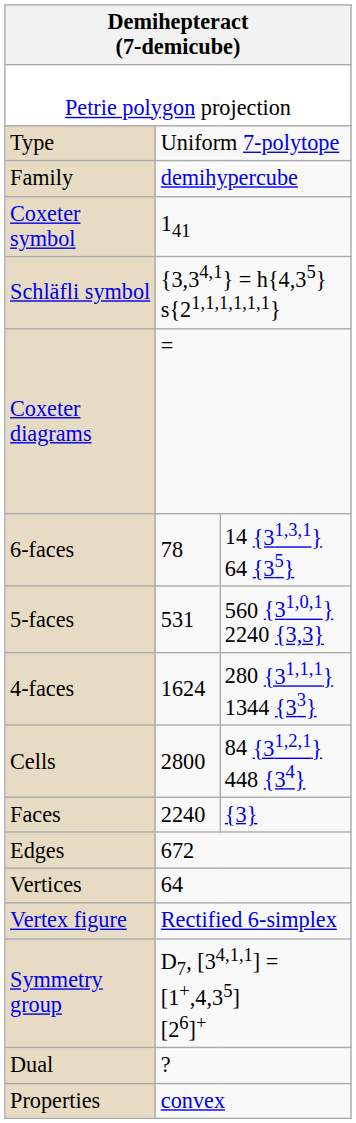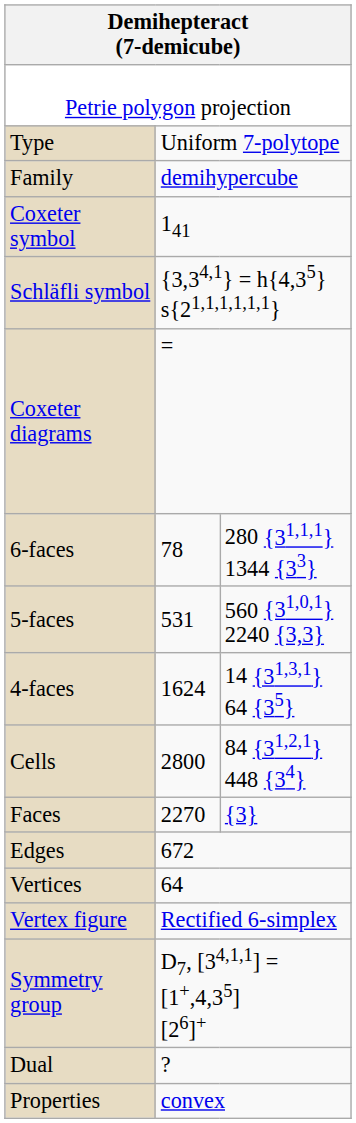 <table class="wikitable" align="right" style="margin-left:10px" width="250">
 <tr>
 <th bgcolor=#e7dcc3 colspan=3>Demihepteract<br>(7-demicube)</th>
 </tr>
 <tr>
 <td bgcolor=#ffffff align=center colspan=3><br><a href='#'>Petrie polygon</a> projection</td>
 </tr>
 <tr>
 <td bgcolor=#e7dcc3>Type</td>
 <td colspan=2>Uniform <a href='#'>7-polytope</a></td>
 </tr>
 <tr>
 <td bgcolor=#e7dcc3>Family</td>
 <td colspan=2><a href='#'>demihypercube</a></td>
 </tr>
 <tr>
 <td bgcolor=#e7dcc3><a href='#'>Coxeter symbol</a></td>
 <td colspan=2>1<sub>41</sub></td>
 </tr>
 <tr>
 <td bgcolor=#e7dcc3><a href='#'>Schläfli symbol</a></td>
 <td colspan=2>{3,3<sup>4,1</sup>} = h{4,3<sup>5</sup>}<br>s{2<sup>1,1,1,1,1,1</sup>}</td>
 </tr>
 <tr>
 <td bgcolor=#e7dcc3><a href='#'>Coxeter diagrams</a></td>
 <td colspan=2> = <br><br><br> <br> <br> <br> <br> </td>
 </tr>
 <tr>
 <td bgcolor=#e7dcc3>6-faces</td>
 <td>78</td>
-<td>14 <a href='#'>{3<sup>1,3,1</sup>}</a><br>64 <a href='#'>{3<sup>5</sup>}</a></td>
+<td>280 <a href='#'>{3<sup>1,1,1</sup>}</a><br>1344 <a href='#'>{3<sup>3</sup>}</a></td>
 </tr>
 <tr>
 <td bgcolor=#e7dcc3>5-faces</td>
 <td>531</td>
 <td>560 <a href='#'>{3<sup>1,0,1</sup>}</a><br>2240 <a href='#'>{3,3}</a></td>
 </tr>
 <tr>
 <td bgcolor=#e7dcc3>4-faces</td>
 <td>1624</td>
-<td>280 <a href='#'>{3<sup>1,1,1</sup>}</a><br>1344 <a href='#'>{3<sup>3</sup>}</a></td>
+<td>14 <a href='#'>{3<sup>1,3,1</sup>}</a><br>64 <a href='#'>{3<sup>5</sup>}</a></td>
 </tr>
 <tr>
 <td bgcolor=#e7dcc3>Cells</td>
 <td>2800</td>
 <td>84 <a href='#'>{3<sup>1,2,1</sup>}</a><br>448 <a href='#'>{3<sup>4</sup>}</a></td>
 </tr>
 <tr>
 <td bgcolor=#e7dcc3>Faces</td>
-<td>2240</td>
+<td>2270</td>
 <td><a href='#'>{3}</a></td>
 </tr>
 <tr>
 <td bgcolor=#e7dcc3>Edges</td>
 <td colspan=2>672</td>
 </tr>
 <tr>
 <td bgcolor=#e7dcc3>Vertices</td>
 <td colspan=2>64</td>
 </tr>
 <tr>
 <td bgcolor=#e7dcc3><a href='#'>Vertex figure</a></td>
 <td colspan=2><a href='#'>Rectified 6-simplex</a><br></td>
 </tr>
 <tr>
 <td bgcolor=#e7dcc3><a href='#'>Symmetry group</a></td>
 <td colspan=2>D<sub>7</sub>, [3<sup>4,1,1</sup>] = [1<sup>+</sup>,4,3<sup>5</sup>]<br>[2<sup>6</sup>]<sup>+</sup></td>
 </tr>
 <tr>
 <td bgcolor=#e7dcc3>Dual</td>
 <td colspan=2>?</td>
 </tr>
 <tr>
 <td bgcolor=#e7dcc3>Properties</td>
 <td colspan=2><a href='#'>convex</a></td>
 </tr>
 </table>
